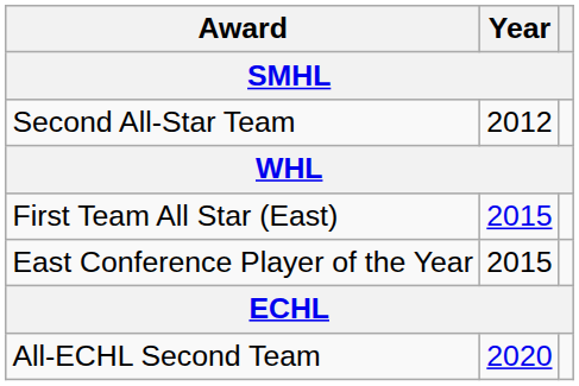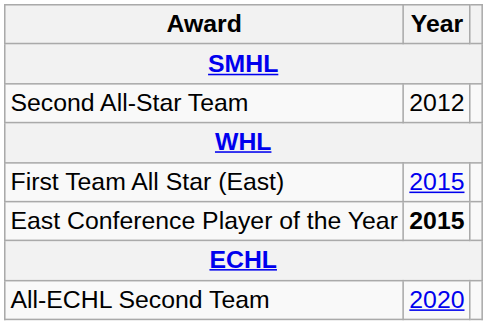 <table class="wikitable">
 <tr>
 <th>Award</th>
 <th>Year</th>
 <th></th>
 </tr>
 <tr>
 <th colspan="3"><a href='#'>SMHL</a></th>
 </tr>
 <tr>
 <td>Second All-Star Team</td>
 <td>2012</td>
 <td></td>
 </tr>
 <tr>
 <th colspan="3"><a href='#'>WHL</a></th>
 </tr>
 <tr>
 <td>First Team All Star (East)</td>
 <td><a href='#'>2015</a></td>
 <td></td>
 </tr>
 <tr>
 <td>East Conference Player of the Year</td>
-<td>2015</td>
+<td><strong>2015</strong></td>
 <td></td>
 </tr>
 <tr>
 <th colspan=3><a href='#'>ECHL</a></th>
 </tr>
 <tr>
 <td>All-ECHL Second Team</td>
 <td><a href='#'>2020</a></td>
 <td></td>
 </tr>
 </table>
